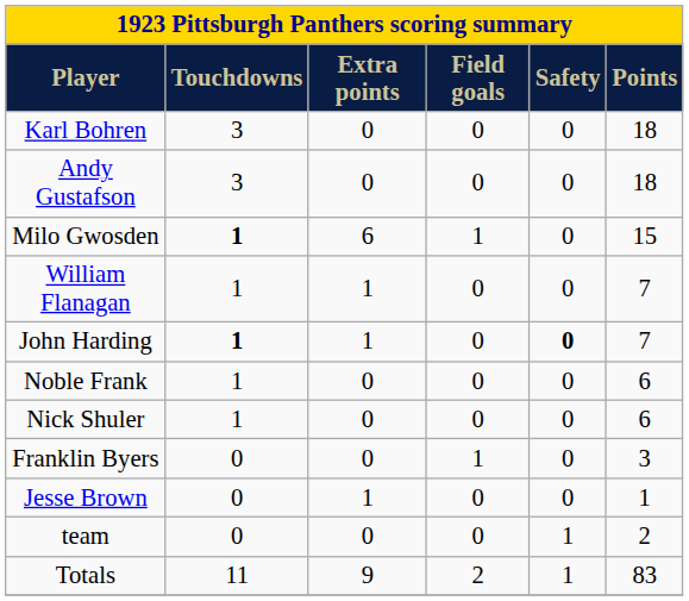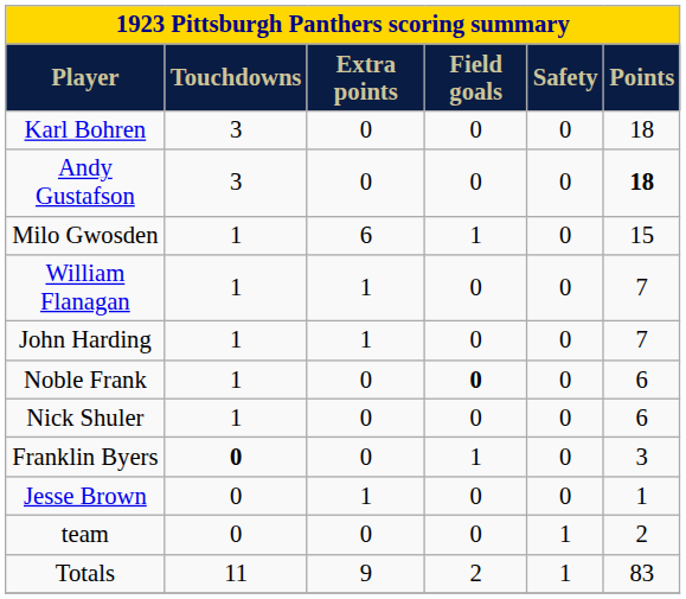 <table class="wikitable" width="35%">
 <tr>
 <th colspan="10" style="background:gold; color:darkblue; text-align: center;"><strong>1923 Pittsburgh Panthers scoring summary</strong></th>
 </tr>
 <tr align="center"  style="background:#091C44;color:#CEC499;">
 <td><strong>Player</strong></td>
 <td><strong>Touchdowns</strong></td>
 <td><strong>Extra points</strong></td>
 <td><strong>Field goals</strong></td>
 <td><strong>Safety</strong></td>
 <td><strong>Points</strong></td>
 </tr>
 <tr align="center" bgcolor="">
 <td><a href='#'>Karl Bohren</a></td>
 <td>3</td>
 <td>0</td>
 <td>0</td>
 <td>0</td>
 <td>18</td>
 </tr>
 <tr align="center" bgcolor="">
 <td><a href='#'>Andy Gustafson</a></td>
 <td>3</td>
 <td>0</td>
 <td>0</td>
 <td>0</td>
-<td>18</td>
+<td><strong>18</strong></td>
 </tr>
 <tr align="center" bgcolor="">
 <td>Milo Gwosden</td>
-<td><strong>1</strong></td>
+<td>1</td>
 <td>6</td>
 <td>1</td>
 <td>0</td>
 <td>15</td>
 </tr>
 <tr align="center" bgcolor="">
 <td><a href='#'>William Flanagan</a></td>
 <td>1</td>
 <td>1</td>
 <td>0</td>
 <td>0</td>
 <td>7</td>
 </tr>
 <tr align="center" bgcolor="">
 <td>John Harding</td>
-<td><strong>1</strong></td>
+<td>1</td>
 <td>1</td>
 <td>0</td>
-<td><strong>0</strong></td>
+<td>0</td>
 <td>7</td>
 </tr>
 <tr align="center" bgcolor="">
 <td>Noble Frank</td>
 <td>1</td>
 <td>0</td>
-<td>0</td>
+<td><strong>0</strong></td>
 <td>0</td>
 <td>6</td>
 </tr>
 <tr align="center" bgcolor="">
 <td>Nick Shuler</td>
 <td>1</td>
 <td>0</td>
 <td>0</td>
 <td>0</td>
 <td>6</td>
 </tr>
 <tr align="center" bgcolor="">
 <td>Franklin Byers</td>
-<td>0</td>
+<td><strong>0</strong></td>
 <td>0</td>
 <td>1</td>
 <td>0</td>
 <td>3</td>
 </tr>
 <tr align="center" bgcolor="">
 <td><a href='#'>Jesse Brown</a></td>
 <td>0</td>
 <td>1</td>
 <td>0</td>
 <td>0</td>
 <td>1</td>
 </tr>
 <tr align="center" bgcolor="">
 <td>team</td>
 <td>0</td>
 <td>0</td>
 <td>0</td>
 <td>1</td>
 <td>2</td>
 </tr>
 <tr align="center" bgcolor="">
 <td>Totals</td>
 <td>11</td>
 <td>9</td>
 <td>2</td>
 <td>1</td>
 <td>83</td>
 </tr>
 <tr align="center" bgcolor="">
 </tr>
 </table>
